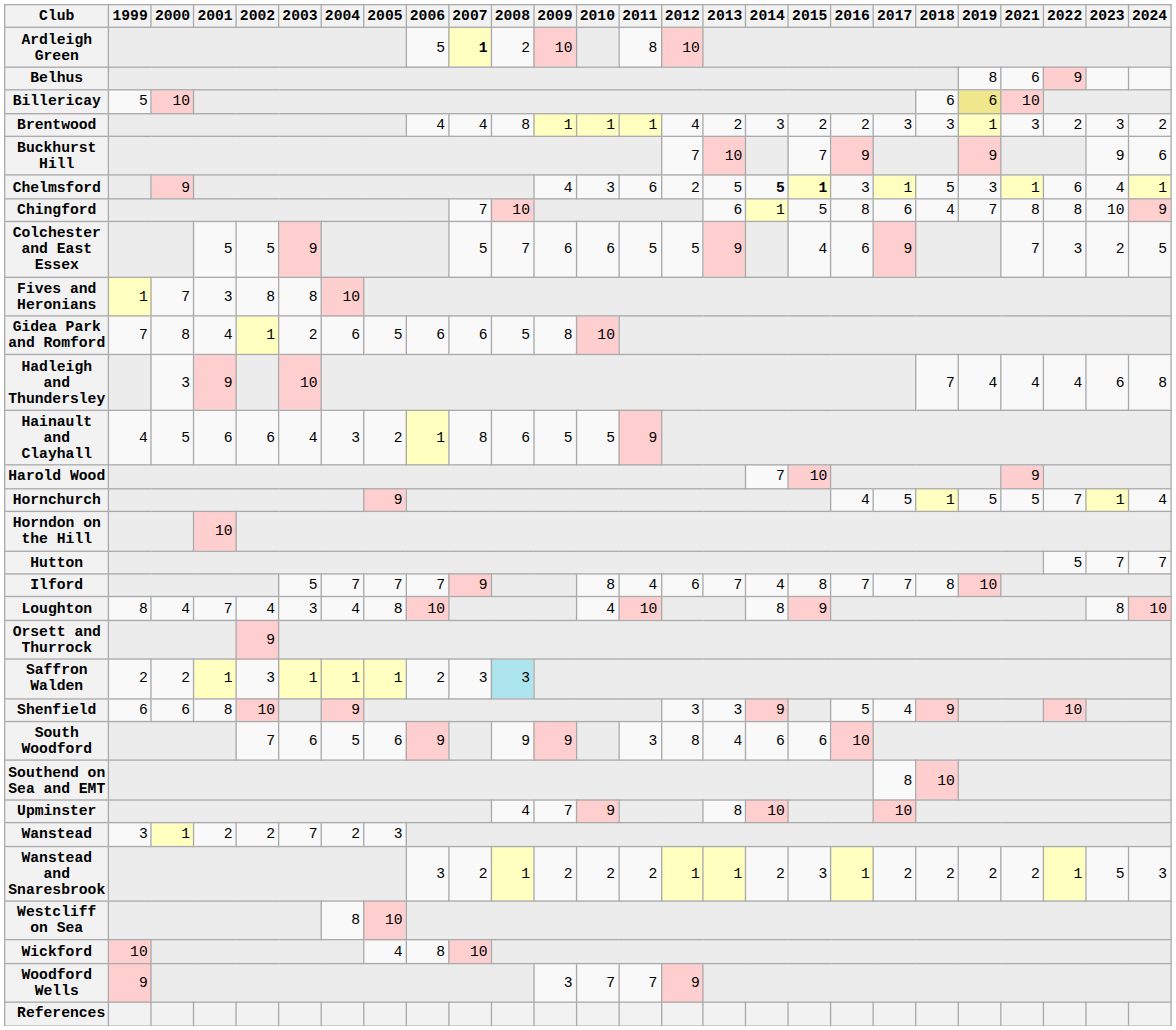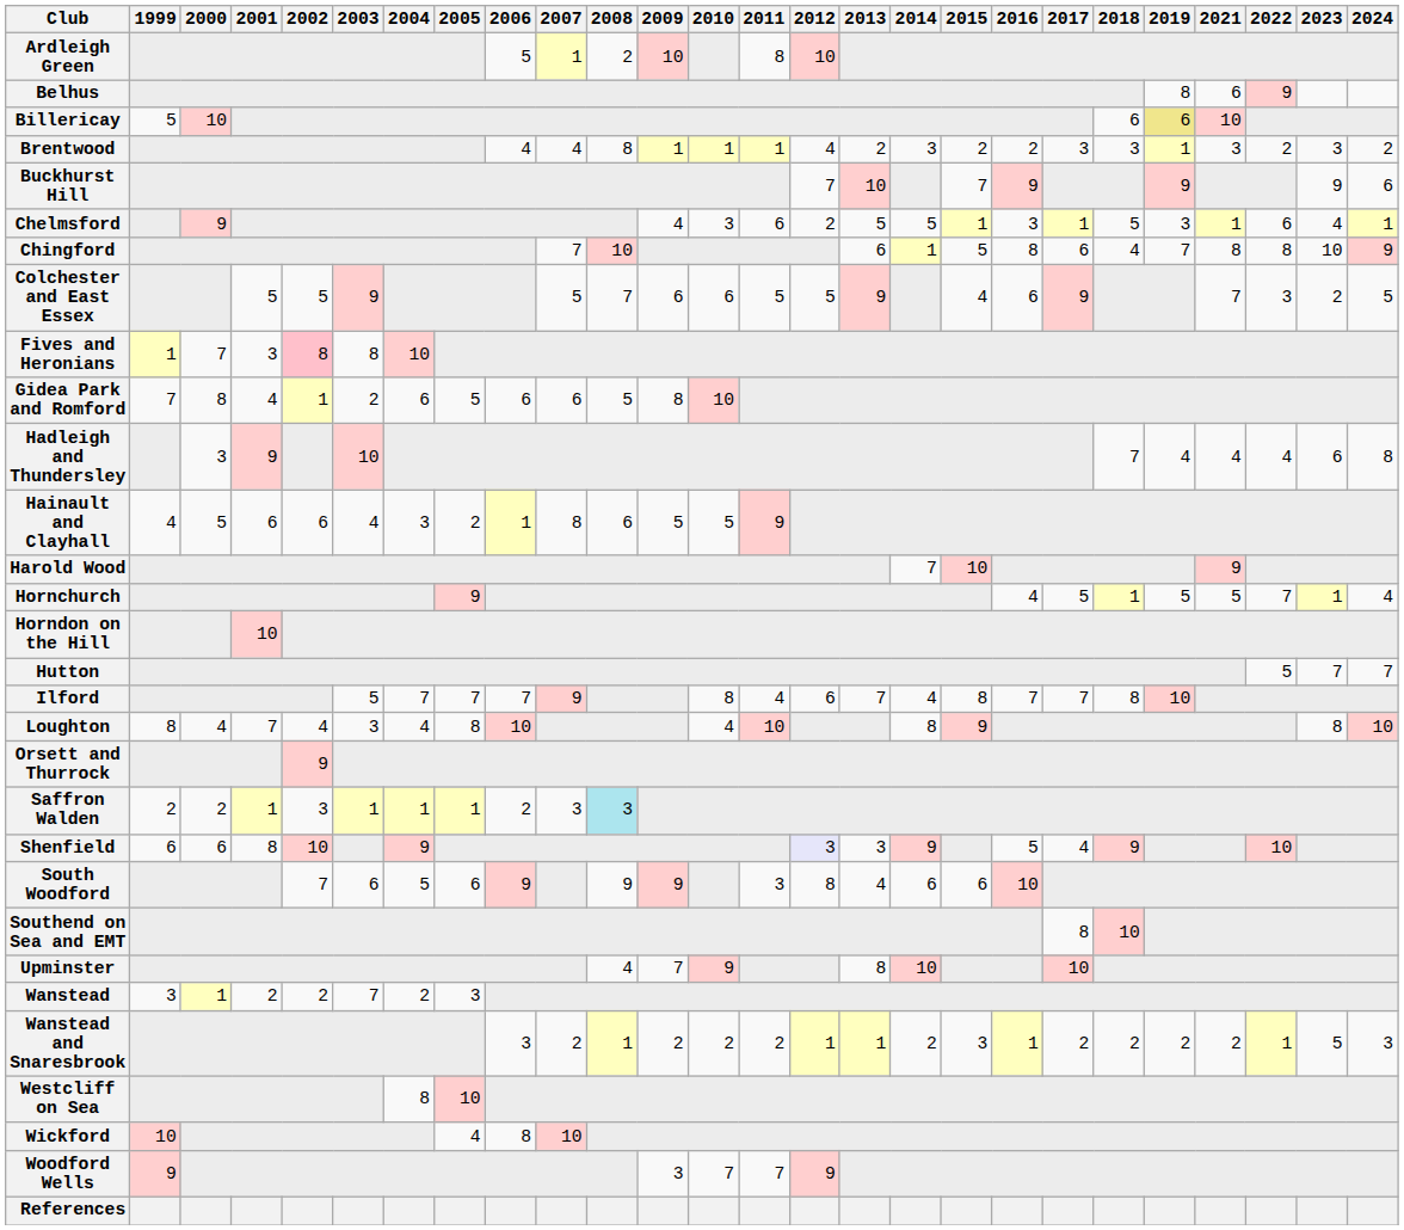 <table class="wikitable plainrowheaders" style="font-size:85%; text-align: right;">
 <tr>
 <th scope="col">Club</th>
 <th scope="col">1999</th>
 <th scope="col">2000</th>
 <th scope="col">2001</th>
 <th scope="col">2002</th>
 <th scope="col">2003</th>
 <th scope="col">2004</th>
 <th scope="col">2005</th>
 <th scope="col">2006</th>
 <th scope="col">2007</th>
 <th scope="col">2008</th>
 <th scope="col">2009</th>
 <th scope="col">2010</th>
 <th scope="col">2011</th>
 <th scope="col">2012</th>
 <th scope="col">2013</th>
 <th scope="col">2014</th>
 <th scope="col">2015</th>
 <th scope="col">2016</th>
 <th scope="col">2017</th>
 <th scope="col">2018</th>
 <th scope="col">2019</th>
 <th scope="col">2021</th>
 <th scope="col">2022</th>
 <th scope="col">2023</th>
 <th scope="col">2024</th>
 </tr>
 <tr>
 <th scope="row">Ardleigh Green</th>
 <td bgcolor="#ececec" colspan="7"></td>
 <td>5</td>
-<td bgcolor="#ffffbf"><strong>1</strong></td>
+<td bgcolor="#ffffbf">1</td>
 <td>2</td>
 <td bgcolor="#ffcfcf">10</td>
 <td bgcolor="#ececec"></td>
 <td>8</td>
 <td bgcolor="#ffcfcf">10</td>
 <td bgcolor="#ececec" colspan="11"></td>
 </tr>
 <tr>
 <th scope="row">Belhus</th>
 <td bgcolor="#ececec" colspan="20"></td>
 <td>8</td>
 <td>6</td>
 <td bgcolor="#ffcfcf">9</td>
 <td></td>
 </tr>
 <tr>
 <th scope="row">Billericay</th>
 <td>5</td>
 <td bgcolor="#ffcfcf">10</td>
 <td bgcolor="#ececec" colspan="17"></td>
 <td>6</td>
 <td style="background: khaki;">6</td>
 <td bgcolor="#ffcfcf">10</td>
 <td bgcolor="#ececec" colspan="3"></td>
 </tr>
 <tr>
 <th scope="row">Brentwood</th>
 <td bgcolor="#ececec" colspan="7"></td>
 <td>4</td>
 <td>4</td>
 <td>8</td>
 <td bgcolor="#ffffbf">1</td>
 <td bgcolor="#ffffbf">1</td>
 <td bgcolor="#ffffbf">1</td>
 <td>4</td>
 <td>2</td>
 <td>3</td>
 <td>2</td>
 <td>2</td>
 <td>3</td>
 <td>3</td>
 <td bgcolor="#ffffbf">1</td>
 <td>3</td>
 <td>2</td>
 <td>3</td>
 <td>2</td>
 </tr>
 <tr>
 <th scope="row">Buckhurst Hill</th>
 <td bgcolor="#ececec" colspan="13"></td>
 <td>7</td>
 <td bgcolor="#ffcfcf">10</td>
 <td bgcolor="#ececec"></td>
 <td>7</td>
 <td bgcolor="#ffcfcf">9</td>
 <td bgcolor="#ececec" colspan="2"></td>
 <td bgcolor="#ffcfcf">9</td>
 <td bgcolor="#ececec" colspan="2"></td>
 <td>9</td>
 <td>6</td>
 </tr>
 <tr>
 <th scope="row">Chelmsford</th>
 <td bgcolor="#ececec"></td>
 <td bgcolor="#ffcfcf">9</td>
 <td bgcolor="#ececec" colspan="8"></td>
 <td>4</td>
 <td>3</td>
 <td>6</td>
 <td>2</td>
 <td>5</td>
-<td><strong>5</strong></td>
-<td bgcolor="#ffffbf"><strong>1</strong></td>
+<td>5</td>
+<td bgcolor="#ffffbf">1</td>
 <td>3</td>
 <td bgcolor="#ffffbf">1</td>
 <td>5</td>
 <td>3</td>
 <td bgcolor="#ffffbf">1</td>
 <td>6</td>
 <td>4</td>
 <td bgcolor="#ffffbf">1</td>
 </tr>
 <tr>
 <th scope="row">Chingford</th>
 <td bgcolor="#ececec" colspan="8"></td>
 <td>7</td>
 <td bgcolor="#ffcfcf">10</td>
 <td bgcolor="#ececec" colspan="4"></td>
 <td>6</td>
 <td bgcolor="#ffffbf">1</td>
 <td>5</td>
 <td>8</td>
 <td>6</td>
 <td>4</td>
 <td>7</td>
 <td>8</td>
 <td>8</td>
 <td>10</td>
 <td bgcolor="#ffcfcf">9</td>
 </tr>
 <tr>
 <th scope="row">Colchester and East Essex</th>
 <td bgcolor="#ececec" colspan="2"></td>
 <td>5</td>
 <td>5</td>
 <td bgcolor="#ffcfcf">9</td>
 <td bgcolor="#ececec" colspan="3"></td>
 <td>5</td>
 <td>7</td>
 <td>6</td>
 <td>6</td>
 <td>5</td>
 <td>5</td>
 <td bgcolor="#ffcfcf">9</td>
 <td bgcolor="#ececec"></td>
 <td>4</td>
 <td>6</td>
 <td bgcolor="#ffcfcf">9</td>
 <td bgcolor="#ececec" colspan="2"></td>
 <td>7</td>
 <td>3</td>
 <td>2</td>
 <td>5</td>
 </tr>
 <tr>
 <th scope="row">Fives and Heronians</th>
 <td bgcolor="#ffffbf">1</td>
 <td>7</td>
 <td>3</td>
-<td>8</td>
+<td style="background: pink;">8</td>
 <td>8</td>
 <td bgcolor="#ffcfcf">10</td>
 <td bgcolor="#ececec" colspan="19"></td>
 </tr>
 <tr>
 <th scope="row">Gidea Park and Romford</th>
 <td>7</td>
 <td>8</td>
 <td>4</td>
 <td bgcolor="#ffffbf">1</td>
 <td>2</td>
 <td>6</td>
 <td>5</td>
 <td>6</td>
 <td>6</td>
 <td>5</td>
 <td>8</td>
 <td bgcolor="#ffcfcf">10</td>
 <td bgcolor="#ececec" colspan="13"></td>
 </tr>
 <tr>
 <th scope="row">Hadleigh and Thundersley</th>
 <td bgcolor="#ececec"></td>
 <td>3</td>
 <td bgcolor="#ffcfcf">9</td>
 <td bgcolor="#ececec"></td>
 <td bgcolor="#ffcfcf">10</td>
 <td bgcolor="#ececec" colspan="14"></td>
 <td>7</td>
 <td>4</td>
 <td>4</td>
 <td>4</td>
 <td>6</td>
 <td>8</td>
 </tr>
 <tr>
 <th scope="row">Hainault and Clayhall</th>
 <td>4</td>
 <td>5</td>
 <td>6</td>
 <td>6</td>
 <td>4</td>
 <td>3</td>
 <td>2</td>
 <td bgcolor="#ffffbf">1</td>
 <td>8</td>
 <td>6</td>
 <td>5</td>
 <td>5</td>
 <td bgcolor="#ffcfcf">9</td>
 <td bgcolor="#ececec" colspan="12"></td>
 </tr>
 <tr>
 <th scope="row">Harold Wood</th>
 <td bgcolor="#ececec" colspan="15"></td>
 <td>7</td>
 <td bgcolor="#ffcfcf">10</td>
 <td bgcolor="#ececec" colspan="4"></td>
 <td bgcolor="#ffcfcf">9</td>
 <td bgcolor="#ececec" colspan="3"></td>
 </tr>
 <tr>
 <th scope="row">Hornchurch</th>
 <td bgcolor="#ececec" colspan="6"></td>
 <td bgcolor="#ffcfcf">9</td>
 <td bgcolor="#ececec" colspan="10"></td>
 <td>4</td>
 <td>5</td>
 <td bgcolor="#ffffbf">1</td>
 <td>5</td>
 <td>5</td>
 <td>7</td>
 <td bgcolor="#ffffbf">1</td>
 <td>4</td>
 </tr>
 <tr>
 <th scope="row">Horndon on the Hill</th>
 <td bgcolor="#ececec" colspan="2"></td>
 <td bgcolor="#ffcfcf">10</td>
 <td bgcolor="#ececec" colspan="22"></td>
 </tr>
 <tr>
 <th scope="row">Hutton</th>
 <td bgcolor="#ececec" colspan="22"></td>
 <td>5</td>
 <td>7</td>
 <td>7</td>
 </tr>
 <tr>
 <th scope="row">Ilford</th>
 <td bgcolor="#ececec" colspan="4"></td>
 <td>5</td>
 <td>7</td>
 <td>7</td>
 <td>7</td>
 <td bgcolor="#ffcfcf">9</td>
 <td bgcolor="#ececec" colspan="2"></td>
 <td>8</td>
 <td>4</td>
 <td>6</td>
 <td>7</td>
 <td>4</td>
 <td>8</td>
 <td>7</td>
 <td>7</td>
 <td>8</td>
 <td bgcolor="#ffcfcf">10</td>
 <td bgcolor="#ececec" colspan="4"></td>
 </tr>
 <tr>
 <th scope="row">Loughton</th>
 <td>8</td>
 <td>4</td>
 <td>7</td>
 <td>4</td>
 <td>3</td>
 <td>4</td>
 <td>8</td>
 <td bgcolor="#ffcfcf">10</td>
 <td bgcolor="#ececec" colspan="3"></td>
 <td>4</td>
 <td bgcolor="#ffcfcf">10</td>
 <td bgcolor="#ececec" colspan="2"></td>
 <td>8</td>
 <td bgcolor="#ffcfcf">9</td>
 <td bgcolor="#ececec" colspan="6"></td>
 <td>8</td>
 <td bgcolor="#ffcfcf">10</td>
 </tr>
 <tr>
 <th scope="row">Orsett and Thurrock</th>
 <td bgcolor="#ececec" colspan="3"></td>
 <td bgcolor="#ffcfcf">9</td>
 <td bgcolor="#ececec" colspan="22"></td>
 </tr>
 <tr>
 <th scope="row">Saffron Walden</th>
 <td>2</td>
 <td>2</td>
 <td bgcolor="#ffffbf">1</td>
 <td>3</td>
 <td bgcolor="#ffffbf">1</td>
 <td bgcolor="#ffffbf">1</td>
 <td bgcolor="#ffffbf">1</td>
 <td>2</td>
 <td>3</td>
 <td bgcolor="#ace5ee">3</td>
 <td bgcolor="#ececec" colspan="15"></td>
 </tr>
 <tr>
 <th scope="row">Shenfield</th>
 <td>6</td>
 <td>6</td>
 <td>8</td>
 <td bgcolor="#ffcfcf">10</td>
 <td bgcolor="#ececec"></td>
 <td bgcolor="#ffcfcf">9</td>
 <td bgcolor="#ececec" colspan="7"></td>
-<td>3</td>
+<td style="background: lavender;">3</td>
 <td>3</td>
 <td bgcolor="#ffcfcf">9</td>
 <td bgcolor="#ececec"></td>
 <td>5</td>
 <td>4</td>
 <td bgcolor="#ffcfcf">9</td>
 <td bgcolor="#ececec" colspan="2"></td>
 <td bgcolor="#ffcfcf">10</td>
 <td bgcolor="#ececec" colspan="2"></td>
 </tr>
 <tr>
 <th scope="row">South Woodford</th>
 <td bgcolor="#ececec" colspan="3"></td>
 <td>7</td>
 <td>6</td>
 <td>5</td>
 <td>6</td>
 <td bgcolor="#ffcfcf">9</td>
 <td bgcolor="#ececec"></td>
 <td>9</td>
 <td bgcolor="#ffcfcf">9</td>
 <td bgcolor="#ececec"></td>
 <td>3</td>
 <td>8</td>
 <td>4</td>
 <td>6</td>
 <td>6</td>
 <td bgcolor="#ffcfcf">10</td>
 <td bgcolor="#ececec" colspan="7"></td>
 </tr>
 <tr>
 <th scope="row">Southend on Sea and EMT</th>
 <td bgcolor="#ececec" colspan="18"></td>
 <td>8</td>
 <td bgcolor="#ffcfcf">10</td>
 <td bgcolor="#ececec" colspan="5"></td>
 </tr>
 <tr>
 <th scope="row">Upminster</th>
 <td bgcolor="#ececec" colspan="9"></td>
 <td>4</td>
 <td>7</td>
 <td bgcolor="#ffcfcf">9</td>
 <td bgcolor="#ececec" colspan="2"></td>
 <td>8</td>
 <td bgcolor="#ffcfcf">10</td>
 <td bgcolor="#ececec" colspan="2"></td>
 <td bgcolor="#ffcfcf">10</td>
 <td bgcolor="#ececec" colspan="6"></td>
 </tr>
 <tr>
 <th scope="row">Wanstead</th>
 <td>3</td>
 <td bgcolor="#ffffbf">1</td>
 <td>2</td>
 <td>2</td>
 <td>7</td>
 <td>2</td>
 <td>3</td>
 <td bgcolor="#ececec" colspan="18"></td>
 </tr>
 <tr>
 <th scope="row">Wanstead and Snaresbrook</th>
 <td bgcolor="#ececec" colspan="7"></td>
 <td>3</td>
 <td>2</td>
 <td bgcolor="#ffffbf">1</td>
 <td>2</td>
 <td>2</td>
 <td>2</td>
 <td bgcolor="#ffffbf">1</td>
 <td bgcolor="#ffffbf">1</td>
 <td>2</td>
 <td>3</td>
 <td bgcolor="#ffffbf">1</td>
 <td>2</td>
 <td>2</td>
 <td>2</td>
 <td>2</td>
 <td bgcolor="#ffffbf">1</td>
 <td>5</td>
 <td>3</td>
 </tr>
 <tr>
 <th scope="row">Westcliff on Sea</th>
 <td bgcolor="#ececec" colspan="5"></td>
 <td>8</td>
 <td bgcolor="#ffcfcf">10</td>
 <td bgcolor="#ececec" colspan="18"></td>
 </tr>
 <tr>
 <th scope="row">Wickford</th>
 <td bgcolor="#ffcfcf">10</td>
 <td bgcolor="#ececec" colspan="5"></td>
 <td>4</td>
 <td>8</td>
 <td bgcolor="#ffcfcf">10</td>
 <td bgcolor="#ececec" colspan="16"></td>
 </tr>
 <tr>
 <th scope="row">Woodford Wells</th>
 <td bgcolor="#ffcfcf">9</td>
 <td bgcolor="#ececec" colspan="9"></td>
 <td>3</td>
 <td>7</td>
 <td>7</td>
 <td bgcolor="#ffcfcf">9</td>
 <td bgcolor="#ececec" colspan="11"></td>
 </tr>
 <tr style="text-align: center;">
 <th scope="row" style="text-align: right;">References</th>
 <th scope="col"></th>
 <th scope="col"></th>
 <th scope="col"></th>
 <th scope="col"></th>
 <th scope="col"></th>
 <th scope="col"></th>
 <th scope="col"></th>
 <th scope="col"></th>
 <th scope="col"></th>
 <th scope="col"></th>
 <th scope="col"></th>
 <th scope="col"></th>
 <th scope="col"></th>
 <th scope="col"></th>
 <th scope="col"></th>
 <th scope="col"></th>
 <th scope="col"></th>
 <th scope="col"></th>
 <th scope="col"></th>
 <th scope="col"></th>
 <th scope="col"></th>
 <th scope="col"></th>
 <th scope="col"></th>
 <th scope="col"></th>
 <th scope="col"></th>
 </tr>
 </table>
